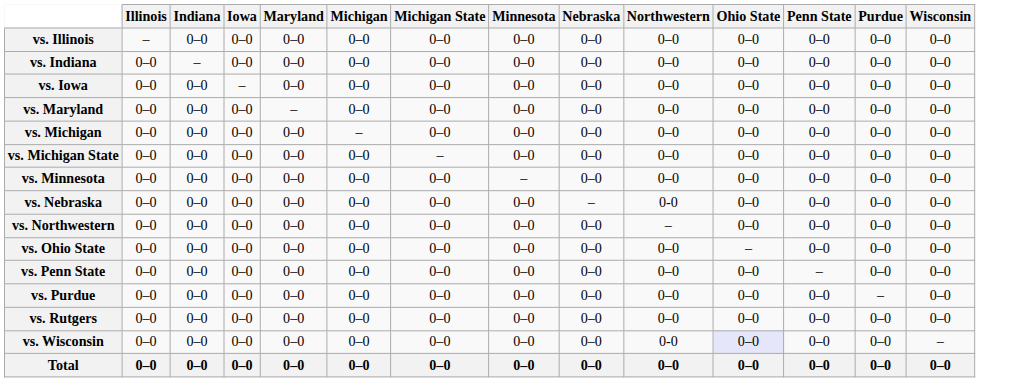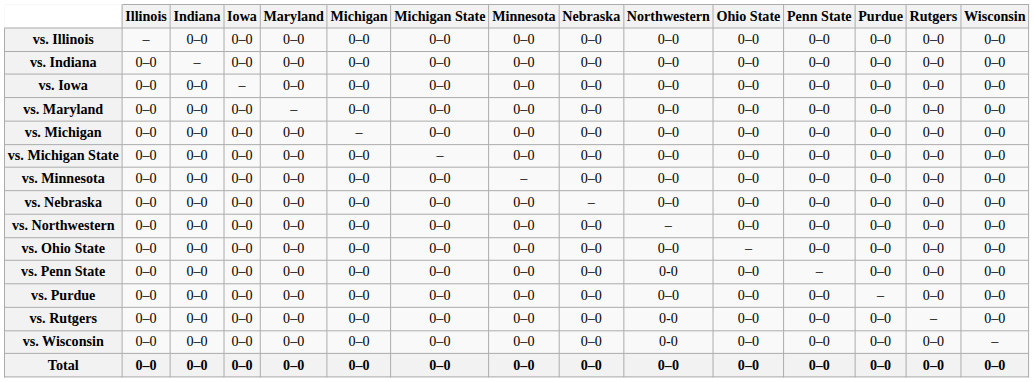 <table class="wikitable" style="white-space:nowrap; font-size:90%;">
 <tr>
 <td style="background:white; border-top-style:hidden; border-left-style:hidden;"></td>
 <th>Illinois</th>
 <th>Indiana</th>
 <th>Iowa</th>
 <th>Maryland</th>
 <th>Michigan</th>
 <th>Michigan State</th>
 <th>Minnesota</th>
 <th>Nebraska</th>
 <th>Northwestern</th>
 <th>Ohio State</th>
 <th>Penn State</th>
 <th>Purdue</th>
+<th>Rutgers</th>
 <th>Wisconsin</th>
 </tr>
 <tr style="text-align:center;">
 <th>vs. Illinois</th>
 <td>–</td>
+<td>0–0</td>
 <td>0–0</td>
 <td>0–0</td>
 <td>0–0</td>
 <td>0–0</td>
 <td>0–0</td>
 <td>0–0</td>
 <td>0–0</td>
 <td>0–0</td>
 <td>0–0</td>
 <td>0–0</td>
 <td>0–0</td>
 <td>0–0</td>
 </tr>
 <tr style="text-align:center;">
 <th>vs. Indiana</th>
 <td>0–0</td>
 <td>–</td>
 <td>0–0</td>
 <td>0–0</td>
 <td>0–0</td>
 <td>0–0</td>
 <td>0–0</td>
 <td>0–0</td>
 <td>0–0</td>
 <td>0–0</td>
 <td>0–0</td>
 <td>0–0</td>
 <td>0–0</td>
+<td>0–0</td>
 </tr>
 <tr style="text-align:center;">
 <th>vs. Iowa</th>
 <td>0–0</td>
 <td>0–0</td>
 <td>–</td>
+<td>0–0</td>
 <td>0–0</td>
 <td>0–0</td>
 <td>0–0</td>
 <td>0–0</td>
 <td>0–0</td>
 <td>0–0</td>
 <td>0–0</td>
 <td>0–0</td>
 <td>0–0</td>
 <td>0–0</td>
 </tr>
 <tr style="text-align:center;">
 <th>vs. Maryland</th>
 <td>0–0</td>
 <td>0–0</td>
 <td>0–0</td>
 <td>–</td>
 <td>0–0</td>
 <td>0–0</td>
 <td>0–0</td>
 <td>0–0</td>
 <td>0–0</td>
 <td>0–0</td>
 <td>0–0</td>
 <td>0–0</td>
 <td>0–0</td>
+<td>0–0</td>
 </tr>
 <tr style="text-align:center;">
 <th>vs. Michigan</th>
 <td>0–0</td>
 <td>0–0</td>
 <td>0–0</td>
 <td>0–0</td>
 <td>–</td>
+<td>0–0</td>
 <td>0–0</td>
 <td>0–0</td>
 <td>0–0</td>
 <td>0–0</td>
 <td>0–0</td>
 <td>0–0</td>
 <td>0–0</td>
 <td>0–0</td>
 </tr>
 <tr style="text-align:center;">
 <th>vs. Michigan State</th>
 <td>0–0</td>
 <td>0–0</td>
 <td>0–0</td>
 <td>0–0</td>
 <td>0–0</td>
 <td>–</td>
 <td>0–0</td>
 <td>0–0</td>
 <td>0–0</td>
 <td>0–0</td>
 <td>0–0</td>
 <td>0–0</td>
 <td>0–0</td>
+<td>0–0</td>
 </tr>
 <tr style="text-align:center;">
 <th>vs. Minnesota</th>
 <td>0–0</td>
 <td>0–0</td>
 <td>0–0</td>
 <td>0–0</td>
 <td>0–0</td>
 <td>0–0</td>
 <td>–</td>
+<td>0–0</td>
 <td>0–0</td>
 <td>0–0</td>
 <td>0–0</td>
 <td>0–0</td>
 <td>0–0</td>
 <td>0–0</td>
 </tr>
 <tr style="text-align:center;">
 <th>vs. Nebraska</th>
 <td>0–0</td>
 <td>0–0</td>
 <td>0–0</td>
 <td>0–0</td>
 <td>0–0</td>
 <td>0–0</td>
 <td>0–0</td>
 <td>–</td>
-<td>0-0</td>
+<td>0–0</td>
+<td>0–0</td>
 <td>0–0</td>
 <td>0–0</td>
 <td>0–0</td>
 <td>0–0</td>
 </tr>
 <tr style="text-align:center;">
 <th>vs. Northwestern</th>
 <td>0–0</td>
 <td>0–0</td>
 <td>0–0</td>
 <td>0–0</td>
 <td>0–0</td>
 <td>0–0</td>
 <td>0–0</td>
 <td>0–0</td>
 <td>–</td>
 <td>0–0</td>
 <td>0–0</td>
 <td>0–0</td>
 <td>0–0</td>
+<td>0–0</td>
 </tr>
 <tr style="text-align:center;">
 <th>vs. Ohio State</th>
 <td>0–0</td>
 <td>0–0</td>
 <td>0–0</td>
 <td>0–0</td>
 <td>0–0</td>
 <td>0–0</td>
 <td>0–0</td>
 <td>0–0</td>
 <td>0–0</td>
 <td>–</td>
 <td>0–0</td>
 <td>0–0</td>
 <td>0–0</td>
+<td>0–0</td>
 </tr>
 <tr style="text-align:center;">
 <th>vs. Penn State</th>
 <td>0–0</td>
 <td>0–0</td>
 <td>0–0</td>
 <td>0–0</td>
 <td>0–0</td>
 <td>0–0</td>
 <td>0–0</td>
 <td>0–0</td>
-<td>0–0</td>
+<td>0-0</td>
 <td>0–0</td>
 <td>–</td>
+<td>0–0</td>
 <td>0–0</td>
 <td>0–0</td>
 </tr>
 <tr style="text-align:center;">
 <th>vs. Purdue</th>
 <td>0–0</td>
 <td>0–0</td>
 <td>0–0</td>
 <td>0–0</td>
 <td>0–0</td>
 <td>0–0</td>
 <td>0–0</td>
 <td>0–0</td>
 <td>0–0</td>
 <td>0–0</td>
 <td>0–0</td>
 <td>–</td>
 <td>0–0</td>
+<td>0–0</td>
 </tr>
 <tr style="text-align:center;">
 <th>vs. Rutgers</th>
 <td>0–0</td>
 <td>0–0</td>
 <td>0–0</td>
 <td>0–0</td>
 <td>0–0</td>
 <td>0–0</td>
 <td>0–0</td>
 <td>0–0</td>
+<td>0-0</td>
 <td>0–0</td>
 <td>0–0</td>
 <td>0–0</td>
-<td>0–0</td>
+<td>–</td>
 <td>0–0</td>
 </tr>
 <tr style="text-align:center;">
 <th>vs. Wisconsin</th>
 <td>0–0</td>
 <td>0–0</td>
 <td>0–0</td>
 <td>0–0</td>
 <td>0–0</td>
 <td>0–0</td>
 <td>0–0</td>
 <td>0–0</td>
 <td>0-0</td>
-<td style="background: lavender;">0–0</td>
+<td>0–0</td>
+<td>0–0</td>
 <td>0–0</td>
 <td>0–0</td>
 <td>–</td>
 </tr>
 <tr style="text-align:center;">
 <th>Total</th>
 <th>0–0</th>
 <th>0–0</th>
 <th>0–0</th>
 <th>0–0</th>
 <th>0–0</th>
 <th>0–0</th>
 <th>0–0</th>
 <th>0–0</th>
 <th>0–0</th>
 <th>0–0</th>
 <th>0–0</th>
 <th>0–0</th>
 <th>0–0</th>
+<th>0–0</th>
 </tr>
 </table>
